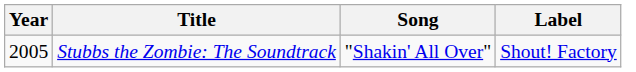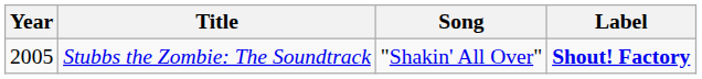 <table class="wikitable">
 <tr>
 <th>Year</th>
 <th>Title</th>
 <th>Song</th>
 <th>Label</th>
 </tr>
 <tr>
 <td>2005</td>
 <td><em><a href='#'>Stubbs the Zombie: The Soundtrack</a></em></td>
 <td>"<a href='#'>Shakin' All Over</a>"</td>
-<td><a href='#'>Shout! Factory</a></td>
+<td><strong><a href='#'>Shout! Factory</a></strong></td>
 </tr>
 </table>
